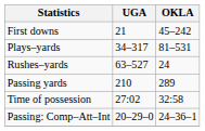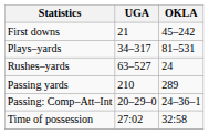 <table class="wikitable">
 <tr>
 <th>Statistics</th>
 <th>UGA</th>
 <th>OKLA</th>
 </tr>
 <tr>
 <td>First downs</td>
 <td>21</td>
 <td>45–242</td>
 </tr>
 <tr>
 <td>Plays–yards</td>
 <td>34–317</td>
 <td>81–531</td>
 </tr>
 <tr>
 <td>Rushes–yards</td>
 <td>63–527</td>
 <td>24</td>
 </tr>
 <tr>
 <td>Passing yards</td>
 <td>210</td>
 <td>289</td>
 </tr>
 <tr>
+<td>Passing: Comp–Att–Int</td>
+<td>20–29–0</td>
+<td>24–36–1</td>
+</tr>
+<tr>
 <td>Time of possession</td>
 <td>27:02</td>
 <td>32:58</td>
 </tr>
 <tr>
-<td>Passing: Comp–Att–Int</td>
-<td>20–29–0</td>
-<td>24–36–1</td>
-</tr>
-<tr>
 </tr>
 </table>
